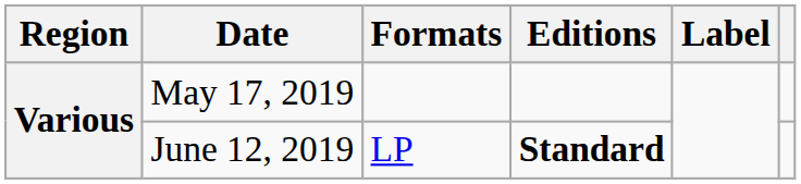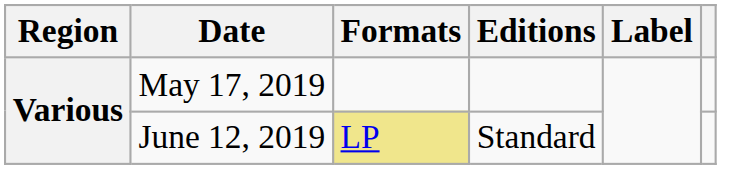 <table class="wikitable plainrowheaders">
 <tr>
 <th scope="col">Region</th>
 <th scope="col">Date</th>
 <th scope="col">Formats</th>
 <th scope="col">Editions</th>
 <th scope="col">Label</th>
 <th scope="col"></th>
 </tr>
 <tr>
 <th scope="row" rowspan = "2">Various</th>
 <td>May 17, 2019</td>
 <td></td>
 <td></td>
 <td rowspan = "2"></td>
 <td style="text-align:center;"></td>
 </tr>
 <tr>
 <td>June 12, 2019</td>
-<td><a href='#'>LP</a></td>
-<td><strong>Standard</strong></td>
+<td style="background: khaki;"><a href='#'>LP</a></td>
+<td>Standard</td>
 <td style="text-align:center;"></td>
 </tr>
 </table>
